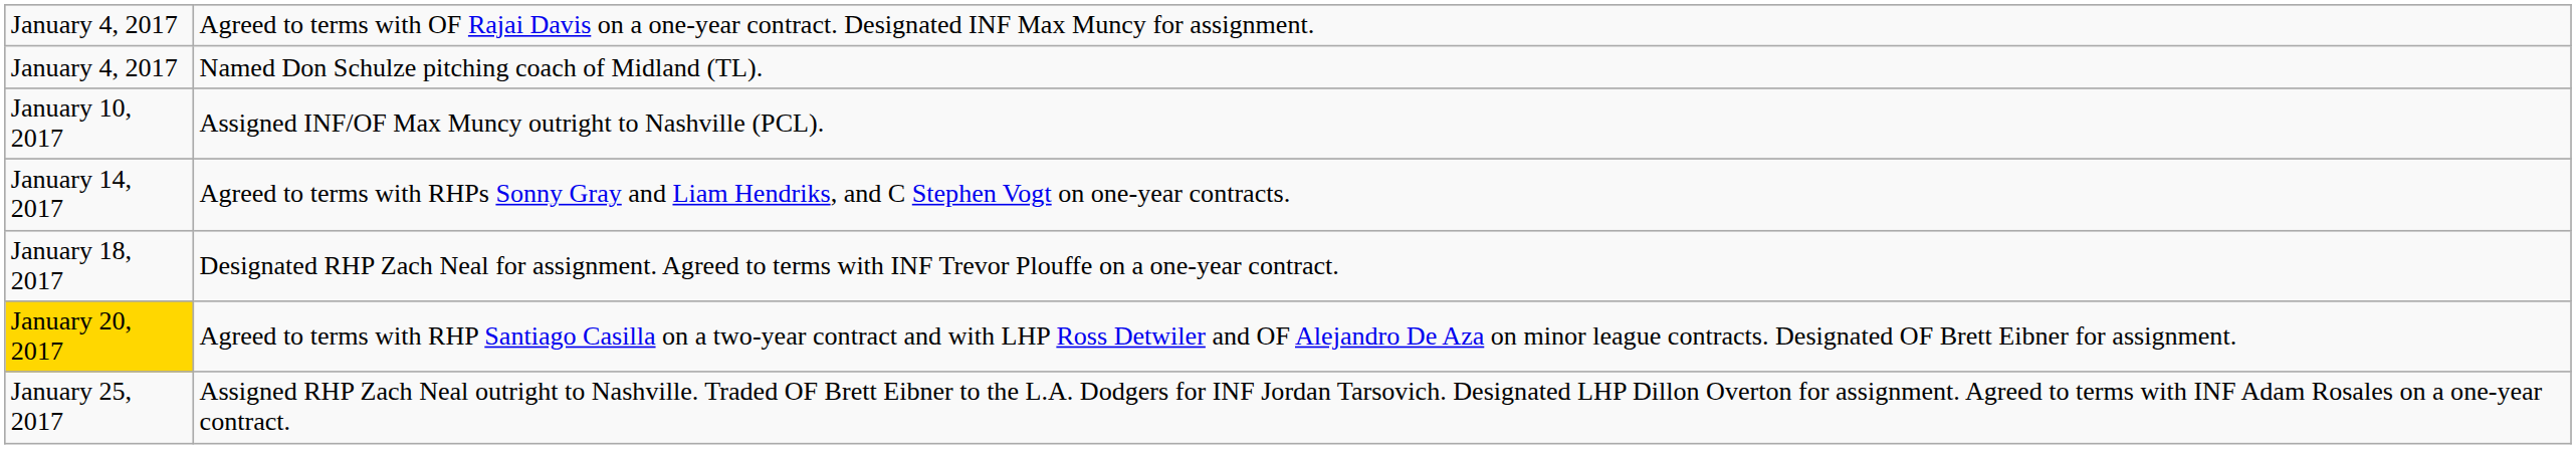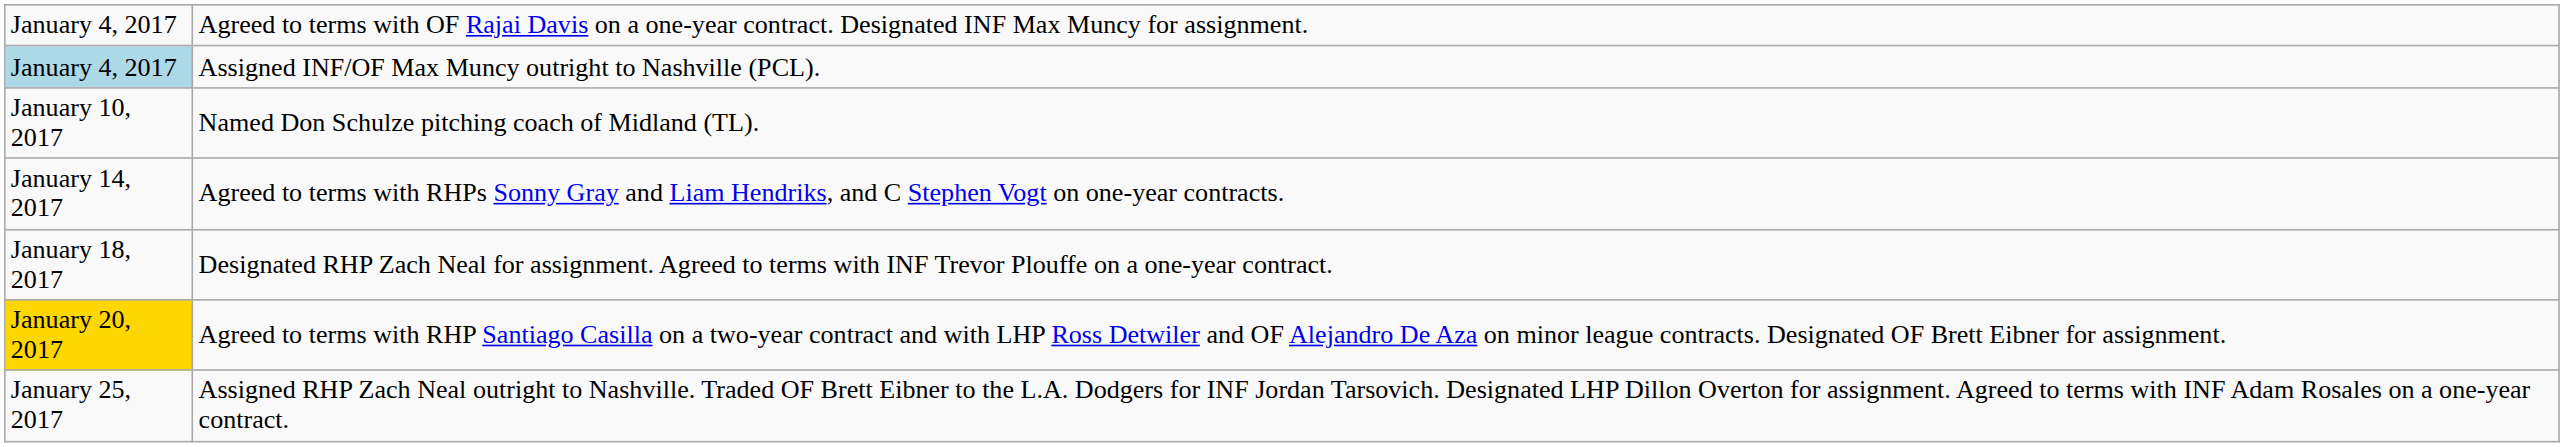 <table class="wikitable">
 <tr>
 <td>January 4, 2017</td>
 <td>Agreed to terms with OF <a href='#'>Rajai Davis</a> on a one-year contract. Designated INF Max Muncy for assignment.</td>
 </tr>
 <tr>
-<td>January 4, 2017</td>
-<td>Named Don Schulze pitching coach of Midland (TL).</td>
+<td style="background: lightblue;">January 4, 2017</td>
+<td>Assigned INF/OF Max Muncy outright to Nashville (PCL).</td>
 </tr>
 <tr>
 <td>January 10, 2017</td>
-<td>Assigned INF/OF Max Muncy outright to Nashville (PCL).</td>
+<td>Named Don Schulze pitching coach of Midland (TL).</td>
 </tr>
 <tr>
 <td>January 14, 2017</td>
 <td>Agreed to terms with RHPs <a href='#'>Sonny Gray</a> and <a href='#'>Liam Hendriks</a>, and C <a href='#'>Stephen Vogt</a> on one-year contracts.</td>
 </tr>
 <tr>
 <td>January 18, 2017</td>
 <td>Designated RHP Zach Neal for assignment. Agreed to terms with INF Trevor Plouffe on a one-year contract.</td>
 </tr>
 <tr>
 <td style="background: gold;">January 20, 2017</td>
 <td>Agreed to terms with RHP <a href='#'>Santiago Casilla</a> on a two-year contract and with LHP <a href='#'>Ross Detwiler</a> and OF <a href='#'>Alejandro De Aza</a> on minor league contracts. Designated OF Brett Eibner for assignment.</td>
 </tr>
 <tr>
 <td>January 25, 2017</td>
 <td>Assigned RHP Zach Neal outright to Nashville. Traded OF Brett Eibner to the L.A. Dodgers for INF Jordan Tarsovich. Designated LHP Dillon Overton for assignment. Agreed to terms with INF Adam Rosales on a one-year contract.</td>
 </tr>
 </table>
